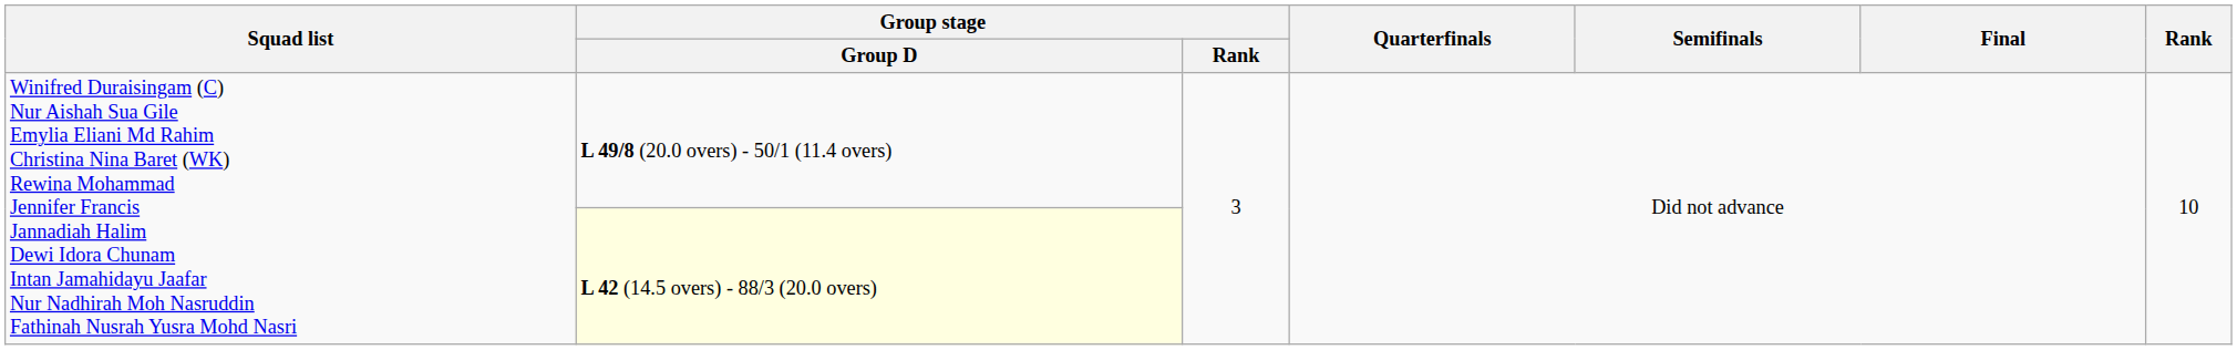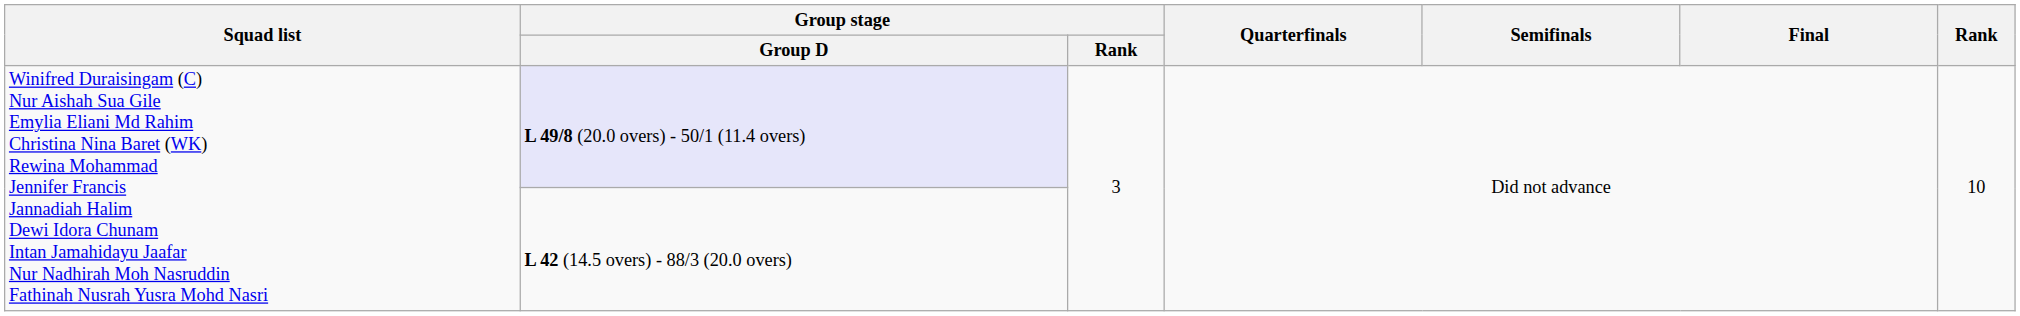 <table class=wikitable width="100%" style="font-size:90%; text-align:center">
 <tr>
 <th rowspan=2 width=20%>Squad list</th>
 <th colspan=2 width=25%>Group stage</th>
 <th rowspan=2 width=10%>Quarterfinals</th>
 <th rowspan=2 width=10%>Semifinals</th>
 <th rowspan=2 width=10%>Final</th>
 <th rowspan=2 width=3%>Rank</th>
 </tr>
 <tr>
 <th>Group D</th>
 <th>Rank</th>
 </tr>
 <tr>
 <td rowspan=2 align=left><a href='#'>Winifred Duraisingam</a> (<a href='#'>C</a>)<br><a href='#'>Nur Aishah Sua Gile</a><br><a href='#'>Emylia Eliani Md Rahim</a><br><a href='#'>Christina Nina Baret</a> (<a href='#'>WK</a>)<br><a href='#'>Rewina Mohammad</a><br><a href='#'>Jennifer Francis</a><br><a href='#'>Jannadiah Halim</a><br><a href='#'>Dewi Idora Chunam</a><br><a href='#'>Intan Jamahidayu Jaafar</a><br><a href='#'>Nur Nadhirah Moh Nasruddin</a><br><a href='#'>Fathinah Nusrah Yusra Mohd Nasri</a></td>
-<td align=left><br><strong>L 49/8</strong> (20.0 overs) - 50/1 (11.4 overs)</td>
+<td align=left style="background: lavender;"><br><strong>L 49/8</strong> (20.0 overs) - 50/1 (11.4 overs)</td>
 <td rowspan=2>3</td>
 <td rowspan=2 colspan=3>Did not advance</td>
 <td rowspan=2>10</td>
 </tr>
 <tr>
-<td align=left style="background: lightyellow;"><br><strong>L 42</strong> (14.5 overs) - 88/3 (20.0 overs)</td>
+<td align=left><br><strong>L 42</strong> (14.5 overs) - 88/3 (20.0 overs)</td>
 </tr>
 </table>
